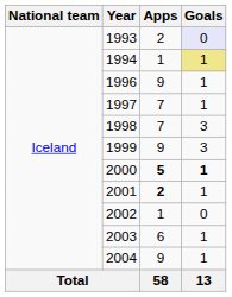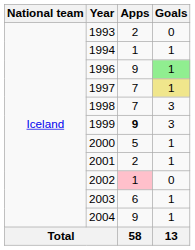 <table class="wikitable" style="text-align:center">
 <tr>
 <th>National team</th>
 <th>Year</th>
 <th>Apps</th>
 <th>Goals</th>
 </tr>
 <tr>
 <td rowspan="11"><a href='#'>Iceland</a></td>
 <td>1993</td>
 <td>2</td>
-<td style="background: lavender;">0</td>
+<td>0</td>
 </tr>
 <tr>
 <td>1994</td>
 <td>1</td>
-<td style="background: khaki;">1</td>
+<td>1</td>
 </tr>
 <tr>
 <td>1996</td>
 <td>9</td>
-<td>1</td>
+<td style="background: lightgreen;">1</td>
 </tr>
 <tr>
 <td>1997</td>
 <td>7</td>
-<td>1</td>
+<td style="background: khaki;">1</td>
 </tr>
 <tr>
 <td>1998</td>
 <td>7</td>
 <td>3</td>
 </tr>
 <tr>
 <td>1999</td>
-<td>9</td>
+<td><strong>9</strong></td>
 <td>3</td>
 </tr>
 <tr>
 <td>2000</td>
-<td><strong>5</strong></td>
-<td><strong>1</strong></td>
+<td>5</td>
+<td>1</td>
 </tr>
 <tr>
 <td>2001</td>
-<td><strong>2</strong></td>
+<td>2</td>
 <td>1</td>
 </tr>
 <tr>
 <td>2002</td>
-<td>1</td>
+<td style="background: pink;">1</td>
 <td>0</td>
 </tr>
 <tr>
 <td>2003</td>
 <td>6</td>
 <td>1</td>
 </tr>
 <tr>
 <td>2004</td>
 <td>9</td>
 <td>1</td>
 </tr>
 <tr>
 <th colspan="2">Total</th>
 <th>58</th>
 <th>13</th>
 </tr>
 </table>
